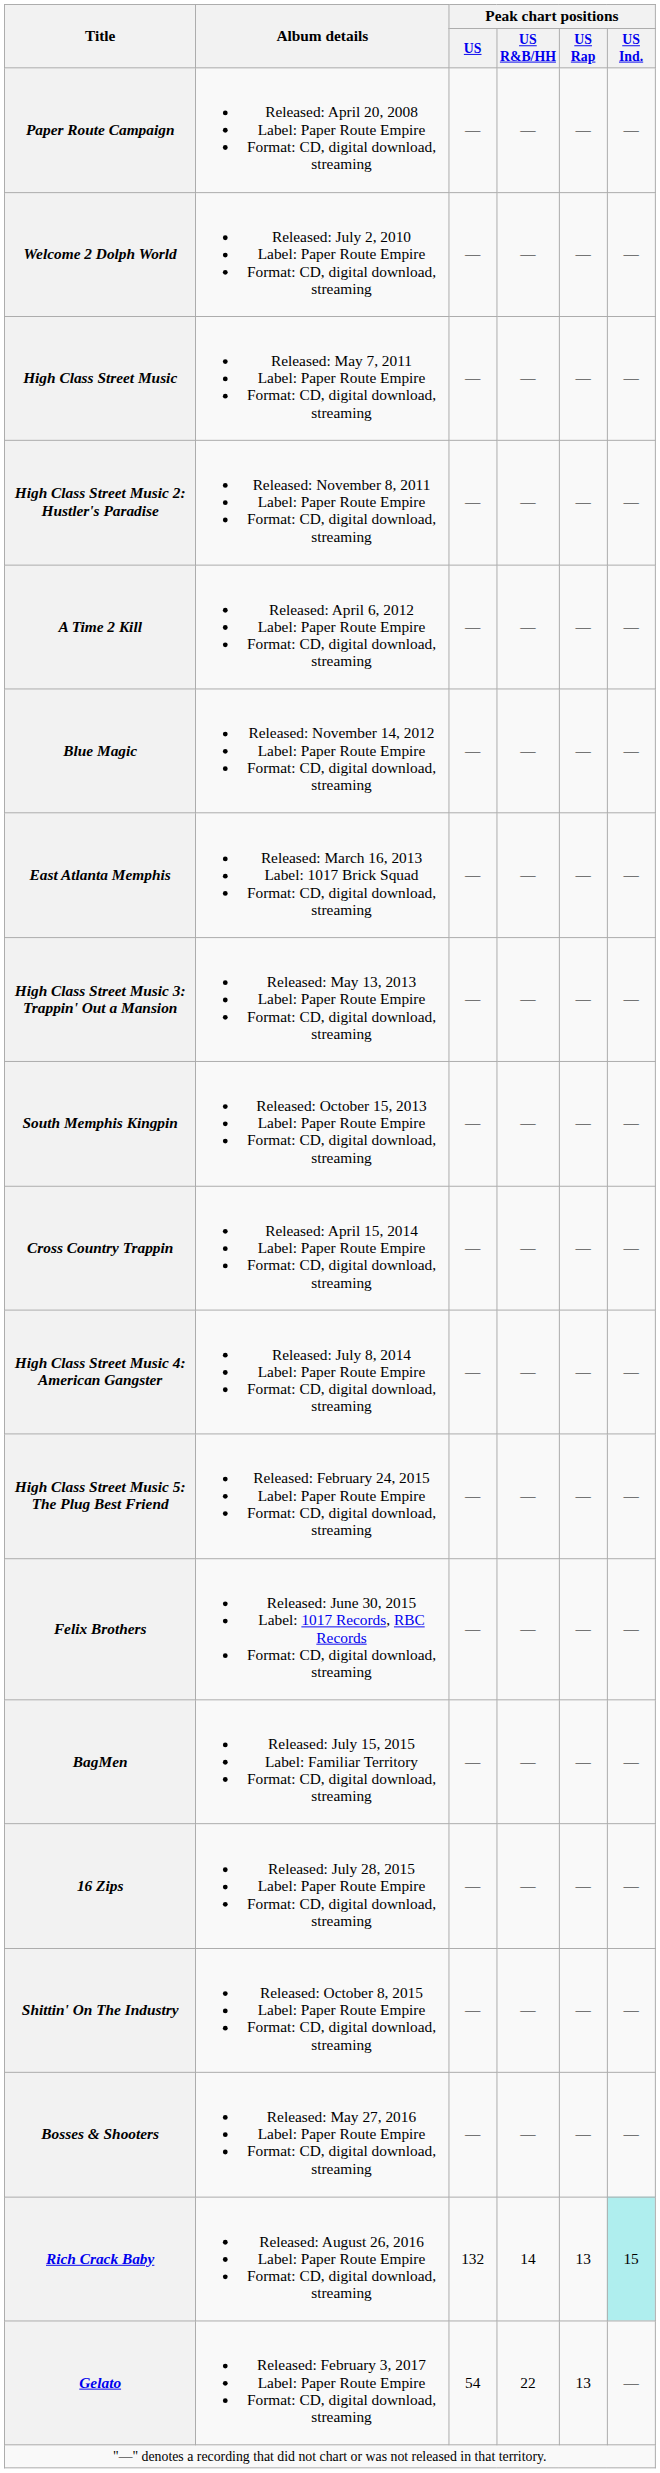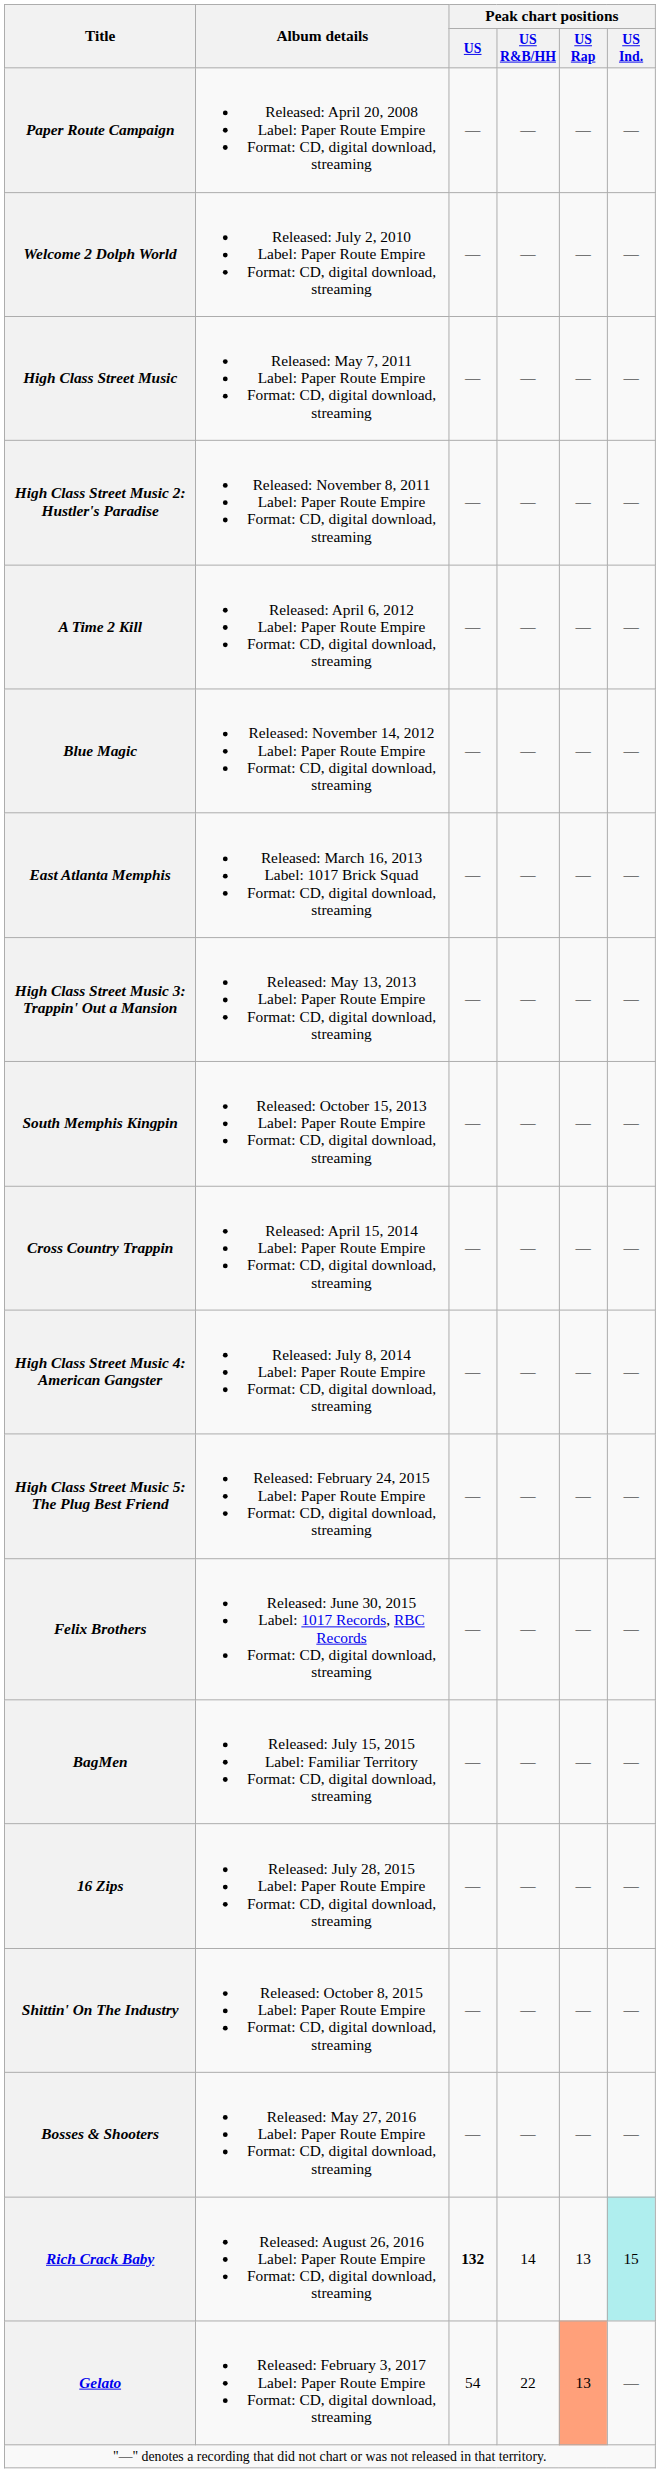 <table class="wikitable plainrowheaders" style="text-align:center;">
 <tr>
 <th scope="col" rowspan="2" style="width:12em;">Title</th>
 <th scope="col" rowspan="2" style="width:16em;">Album details</th>
 <th colspan="4" scope="col">Peak chart positions</th>
 </tr>
 <tr>
 <th style="width:3em; font-size:90%"><a href='#'>US</a><br></th>
 <th style="width:3em; font-size:90%"><a href='#'>US R&B/HH</a><br></th>
 <th style="width:3em; font-size:90%"><a href='#'>US Rap</a><br></th>
 <th style="width:3em; font-size:90%"><a href='#'>US<br>Ind.</a><br></th>
 </tr>
 <tr>
 <th scope="row"><em>Paper Route Campaign</em></th>
 <td><br><ul><li>Released: April 20, 2008</li><li>Label: Paper Route Empire</li><li>Format: CD, digital download, streaming</li></ul></td>
 <td>—</td>
 <td>—</td>
 <td>—</td>
 <td>—</td>
 </tr>
 <tr>
 <th scope="row"><em>Welcome 2 Dolph World</em></th>
 <td><br><ul><li>Released: July 2, 2010</li><li>Label: Paper Route Empire</li><li>Format: CD, digital download, streaming</li></ul></td>
 <td>—</td>
 <td>—</td>
 <td>—</td>
 <td>—</td>
 </tr>
 <tr>
 <th scope="row"><em>High Class Street Music</em></th>
 <td><br><ul><li>Released: May 7, 2011</li><li>Label: Paper Route Empire</li><li>Format: CD, digital download, streaming</li></ul></td>
 <td>—</td>
 <td>—</td>
 <td>—</td>
 <td>—</td>
 </tr>
 <tr>
 <th scope="row"><em>High Class Street Music 2: Hustler's Paradise</em></th>
 <td><br><ul><li>Released: November 8, 2011</li><li>Label: Paper Route Empire</li><li>Format: CD, digital download, streaming</li></ul></td>
 <td>—</td>
 <td>—</td>
 <td>—</td>
 <td>—</td>
 </tr>
 <tr>
 <th scope="row"><em>A Time 2 Kill</em></th>
 <td><br><ul><li>Released: April 6, 2012</li><li>Label: Paper Route Empire</li><li>Format: CD, digital download, streaming</li></ul></td>
 <td>—</td>
 <td>—</td>
 <td>—</td>
 <td>—</td>
 </tr>
 <tr>
 <th scope="row"><em>Blue Magic</em></th>
 <td><br><ul><li>Released: November 14, 2012</li><li>Label: Paper Route Empire</li><li>Format: CD, digital download, streaming</li></ul></td>
 <td>—</td>
 <td>—</td>
 <td>—</td>
 <td>—</td>
 </tr>
 <tr>
 <th scope="row"><em>East Atlanta Memphis</em><br></th>
 <td><br><ul><li>Released: March 16, 2013</li><li>Label: 1017 Brick Squad</li><li>Format: CD, digital download, streaming</li></ul></td>
 <td>—</td>
 <td>—</td>
 <td>—</td>
 <td>—</td>
 </tr>
 <tr>
 <th scope="row"><em>High Class Street Music 3: Trappin' Out a Mansion</em></th>
 <td><br><ul><li>Released: May 13, 2013</li><li>Label: Paper Route Empire</li><li>Format: CD, digital download, streaming</li></ul></td>
 <td>—</td>
 <td>—</td>
 <td>—</td>
 <td>—</td>
 </tr>
 <tr>
 <th scope="row"><em>South Memphis Kingpin</em></th>
 <td><br><ul><li>Released: October 15, 2013</li><li>Label: Paper Route Empire</li><li>Format: CD, digital download, streaming</li></ul></td>
 <td>—</td>
 <td>—</td>
 <td>—</td>
 <td>—</td>
 </tr>
 <tr>
 <th scope="row"><em>Cross Country Trappin</em></th>
 <td><br><ul><li>Released: April 15, 2014</li><li>Label: Paper Route Empire</li><li>Format: CD, digital download, streaming</li></ul></td>
 <td>—</td>
 <td>—</td>
 <td>—</td>
 <td>—</td>
 </tr>
 <tr>
 <th scope="row"><em>High Class Street Music 4: American Gangster</em></th>
 <td><br><ul><li>Released: July 8, 2014</li><li>Label: Paper Route Empire</li><li>Format: CD, digital download, streaming</li></ul></td>
 <td>—</td>
 <td>—</td>
 <td>—</td>
 <td>—</td>
 </tr>
 <tr>
 <th scope="row"><em>High Class Street Music 5: The Plug Best Friend</em></th>
 <td><br><ul><li>Released: February 24, 2015</li><li>Label: Paper Route Empire</li><li>Format: CD, digital download, streaming</li></ul></td>
 <td>—</td>
 <td>—</td>
 <td>—</td>
 <td>—</td>
 </tr>
 <tr>
 <th scope="row"><em>Felix Brothers</em><br></th>
 <td><br><ul><li>Released: June 30, 2015</li><li>Label: <a href='#'>1017 Records</a>, <a href='#'>RBC Records</a></li><li>Format: CD, digital download, streaming</li></ul></td>
 <td>—</td>
 <td>—</td>
 <td>—</td>
 <td>—</td>
 </tr>
 <tr>
 <th scope="row"><em>BagMen</em><br></th>
 <td><br><ul><li>Released: July 15, 2015</li><li>Label: Familiar Territory</li><li>Format: CD, digital download, streaming</li></ul></td>
 <td>—</td>
 <td>—</td>
 <td>—</td>
 <td>—</td>
 </tr>
 <tr>
 <th scope="row"><em>16 Zips</em></th>
 <td><br><ul><li>Released: July 28, 2015</li><li>Label: Paper Route Empire</li><li>Format: CD, digital download, streaming</li></ul></td>
 <td>—</td>
 <td>—</td>
 <td>—</td>
 <td>—</td>
 </tr>
 <tr>
 <th scope="row"><em>Shittin' On The Industry</em></th>
 <td><br><ul><li>Released: October 8, 2015</li><li>Label: Paper Route Empire</li><li>Format: CD, digital download, streaming</li></ul></td>
 <td>—</td>
 <td>—</td>
 <td>—</td>
 <td>—</td>
 </tr>
 <tr>
 <th scope="row"><em>Bosses & Shooters</em><br></th>
 <td><br><ul><li>Released: May 27, 2016</li><li>Label: Paper Route Empire</li><li>Format: CD, digital download, streaming</li></ul></td>
 <td>—</td>
 <td>—</td>
 <td>—</td>
 <td>—</td>
 </tr>
 <tr>
 <th scope="row"><em><a href='#'>Rich Crack Baby</a></em></th>
 <td><br><ul><li>Released: August 26, 2016</li><li>Label: Paper Route Empire</li><li>Format: CD, digital download, streaming</li></ul></td>
-<td>132</td>
+<td><strong>132</strong></td>
 <td>14</td>
 <td>13</td>
 <td style="background: paleturquoise;">15</td>
 </tr>
 <tr>
 <th scope="row"><em><a href='#'>Gelato</a></em></th>
 <td><br><ul><li>Released: February 3, 2017</li><li>Label: Paper Route Empire</li><li>Format: CD, digital download, streaming</li></ul></td>
 <td>54</td>
 <td>22</td>
-<td>13</td>
+<td style="background: lightsalmon;">13</td>
 <td>—</td>
 </tr>
 <tr>
 <td colspan="15" style="font-size:90%">"—" denotes a recording that did not chart or was not released in that territory.</td>
 </tr>
 </table>
